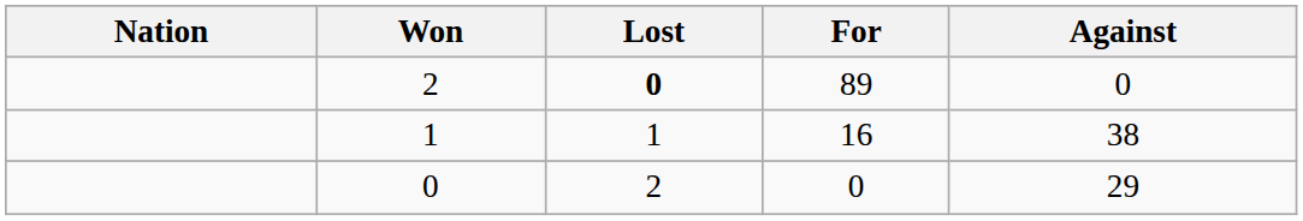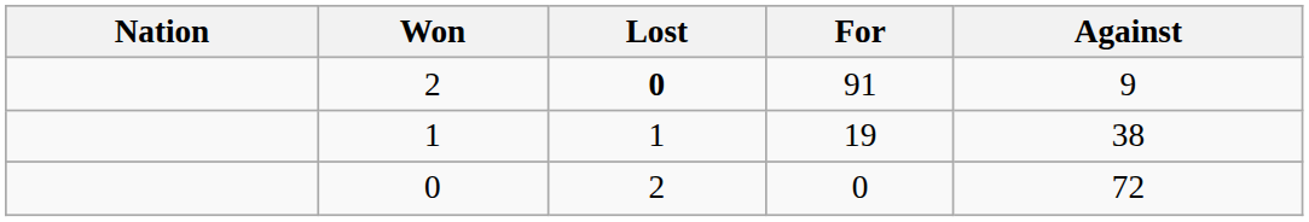 <table class="wikitable" border="1" style="text-align: center; width:50%">
 <tr>
 <th>Nation</th>
 <th>Won</th>
 <th>Lost</th>
 <th>For</th>
 <th>Against</th>
 </tr>
 <tr>
 <td align="left"></td>
 <td>2</td>
 <td><strong>0</strong></td>
-<td>89</td>
-<td>0</td>
+<td>91</td>
+<td>9</td>
 </tr>
 <tr>
 <td align="left"></td>
 <td>1</td>
 <td>1</td>
-<td>16</td>
+<td>19</td>
 <td>38</td>
 </tr>
 <tr>
 <td align="left"></td>
 <td>0</td>
 <td>2</td>
 <td>0</td>
-<td>29</td>
+<td>72</td>
 </tr>
 </table>
